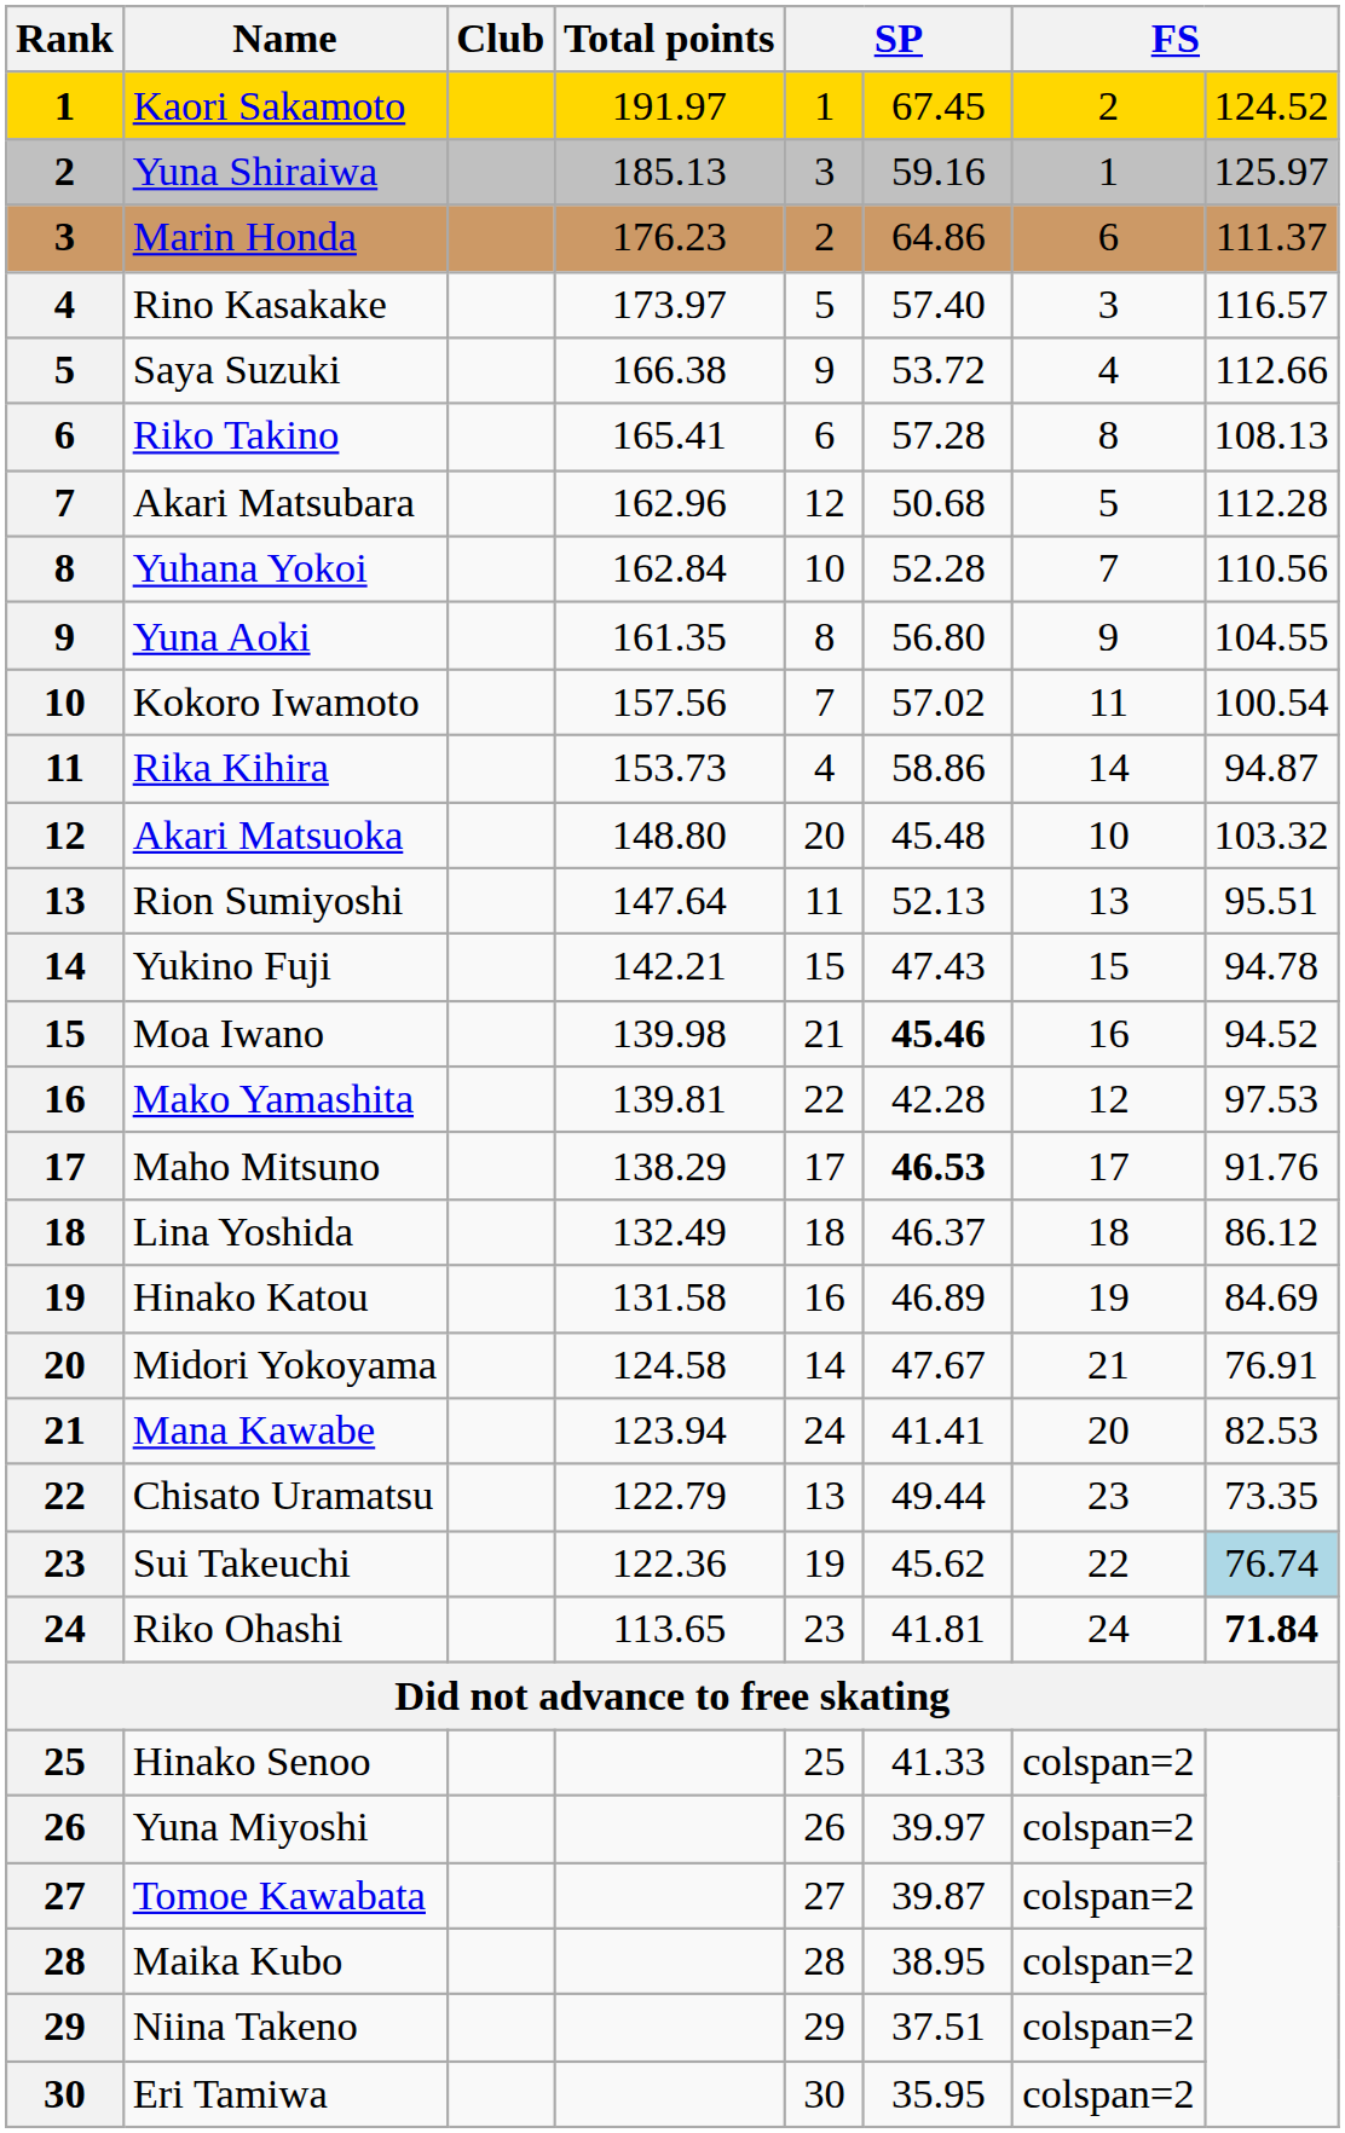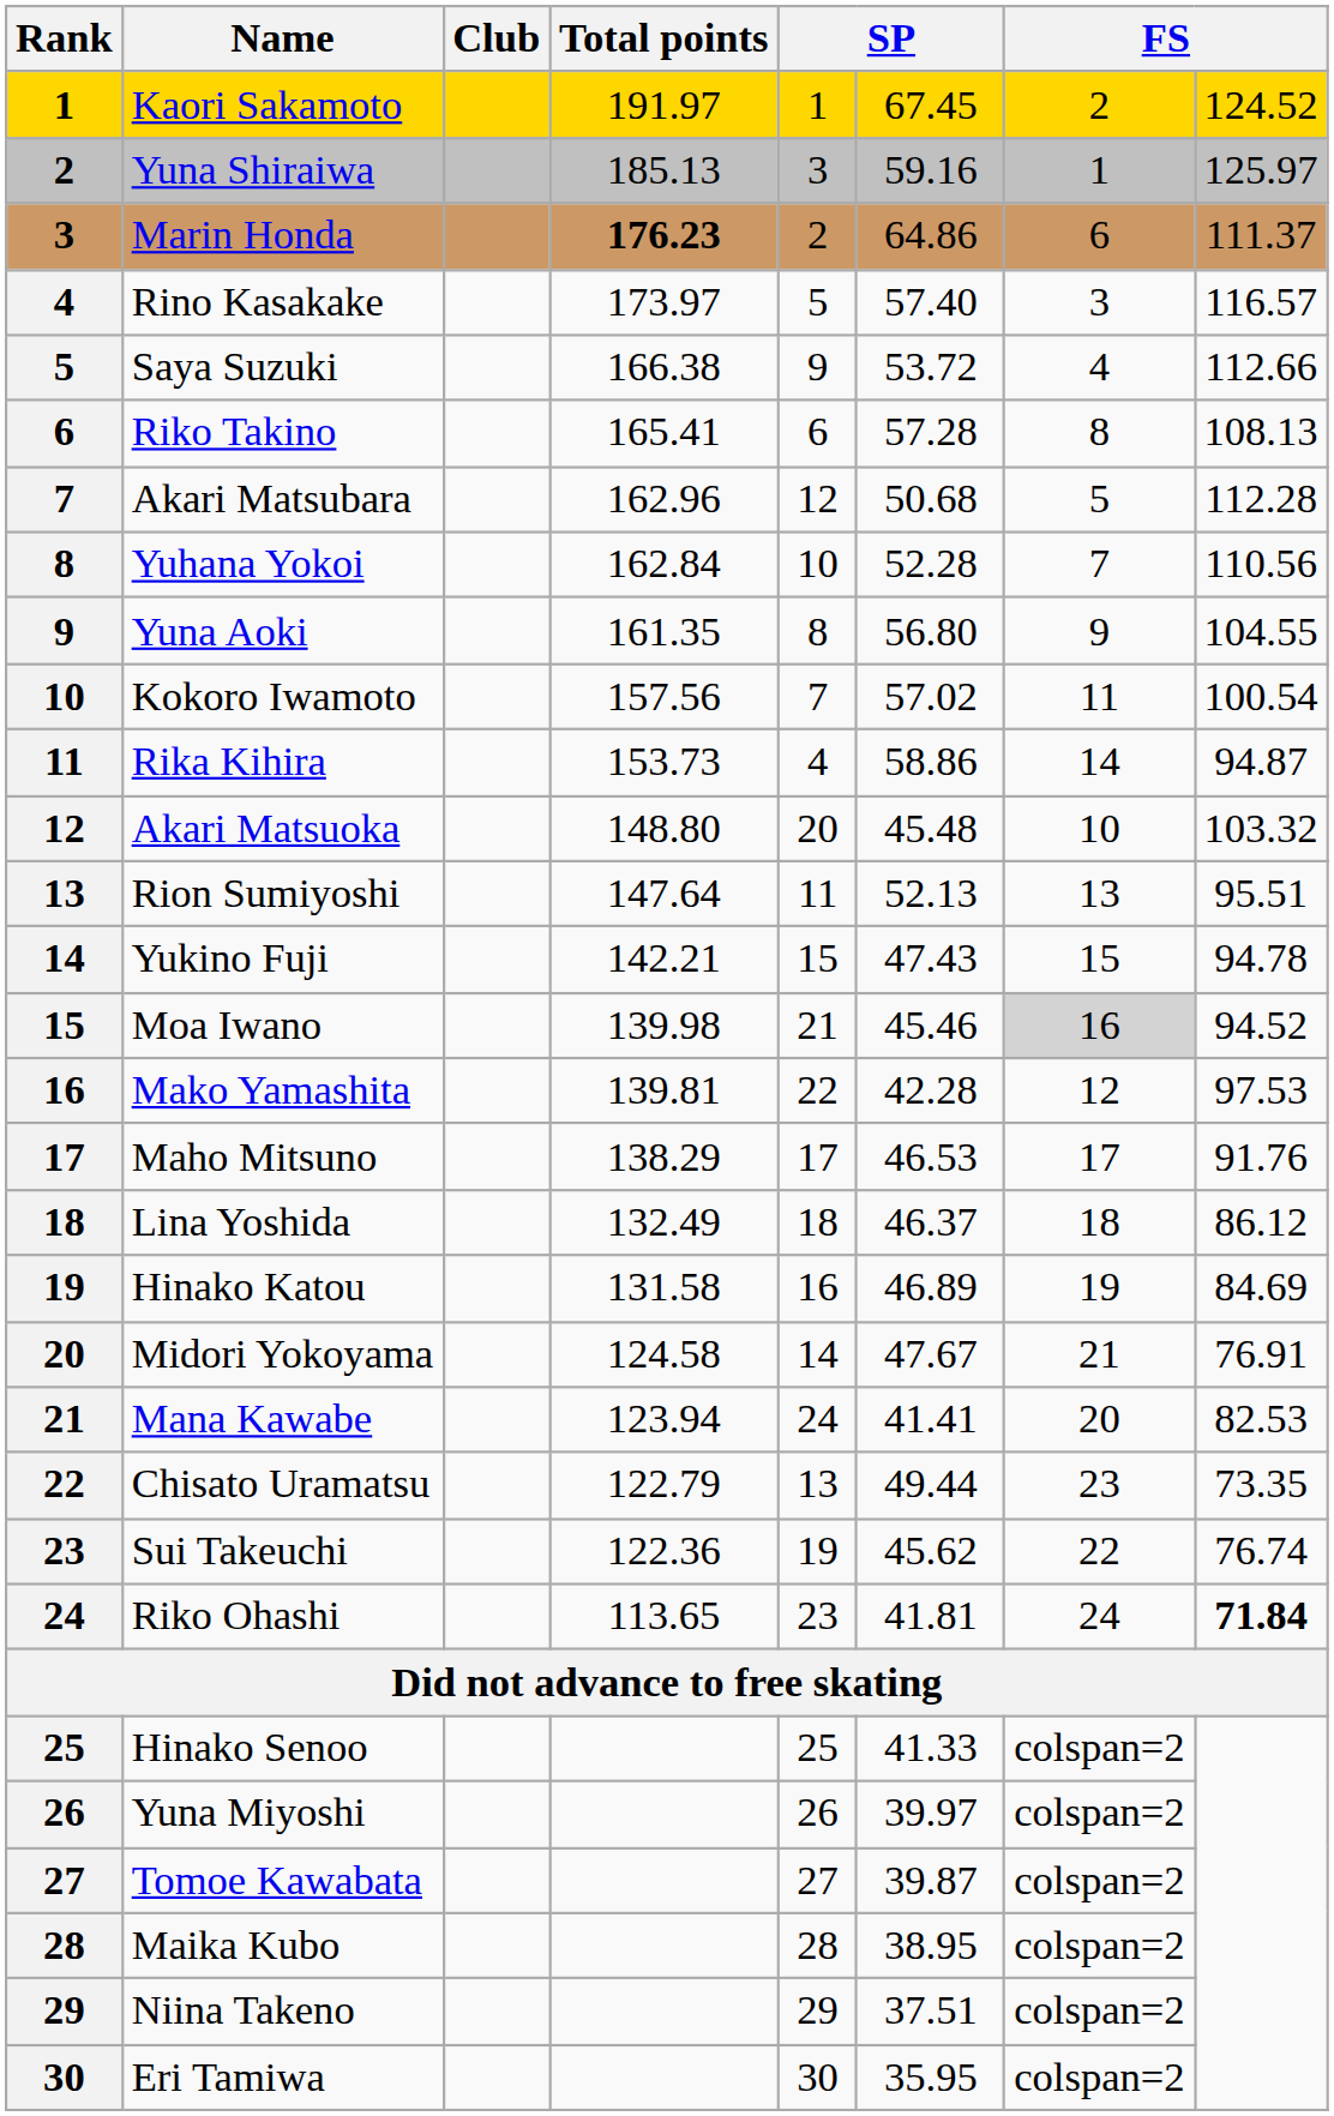 <table class="wikitable sortable">
 <tr>
 <th>Rank</th>
 <th>Name</th>
 <th>Club</th>
 <th>Total points</th>
 <th colspan="2" width="80px"><a href='#'>SP</a></th>
 <th colspan="2" width="80px"><a href='#'>FS</a></th>
 </tr>
 <tr bgcolor="gold">
 <td align="center"><strong>1</strong></td>
 <td><a href='#'>Kaori Sakamoto</a></td>
 <td></td>
 <td align="center">191.97</td>
 <td align="center">1</td>
 <td align="center">67.45</td>
 <td align="center">2</td>
 <td align="center">124.52</td>
 </tr>
 <tr bgcolor="silver">
 <td align="center"><strong>2</strong></td>
 <td><a href='#'>Yuna Shiraiwa</a></td>
 <td></td>
 <td align="center">185.13</td>
 <td align="center">3</td>
 <td align="center">59.16</td>
 <td align="center">1</td>
 <td align="center">125.97</td>
 </tr>
 <tr bgcolor="cc9966">
 <td align="center"><strong>3</strong></td>
 <td><a href='#'>Marin Honda</a></td>
 <td></td>
-<td align="center">176.23</td>
+<td align="center"><strong>176.23</strong></td>
 <td align="center">2</td>
 <td align="center">64.86</td>
 <td align="center">6</td>
 <td align="center">111.37</td>
 </tr>
 <tr>
 <th>4</th>
 <td>Rino Kasakake</td>
 <td></td>
 <td align="center">173.97</td>
 <td align="center">5</td>
 <td align="center">57.40</td>
 <td align="center">3</td>
 <td align="center">116.57</td>
 </tr>
 <tr>
 <th>5</th>
 <td>Saya Suzuki</td>
 <td></td>
 <td align="center">166.38</td>
 <td align="center">9</td>
 <td align="center">53.72</td>
 <td align="center">4</td>
 <td align="center">112.66</td>
 </tr>
 <tr>
 <th>6</th>
 <td><a href='#'>Riko Takino</a></td>
 <td></td>
 <td align="center">165.41</td>
 <td align="center">6</td>
 <td align="center">57.28</td>
 <td align="center">8</td>
 <td align="center">108.13</td>
 </tr>
 <tr>
 <th>7</th>
 <td>Akari Matsubara</td>
 <td></td>
 <td align="center">162.96</td>
 <td align="center">12</td>
 <td align="center">50.68</td>
 <td align="center">5</td>
 <td align="center">112.28</td>
 </tr>
 <tr>
 <th>8</th>
 <td><a href='#'>Yuhana Yokoi</a></td>
 <td></td>
 <td align="center">162.84</td>
 <td align="center">10</td>
 <td align="center">52.28</td>
 <td align="center">7</td>
 <td align="center">110.56</td>
 </tr>
 <tr>
 <th>9</th>
 <td><a href='#'>Yuna Aoki</a></td>
 <td></td>
 <td align="center">161.35</td>
 <td align="center">8</td>
 <td align="center">56.80</td>
 <td align="center">9</td>
 <td align="center">104.55</td>
 </tr>
 <tr>
 <th>10</th>
 <td>Kokoro Iwamoto</td>
 <td></td>
 <td align="center">157.56</td>
 <td align="center">7</td>
 <td align="center">57.02</td>
 <td align="center">11</td>
 <td align="center">100.54</td>
 </tr>
 <tr>
 <th>11</th>
 <td><a href='#'>Rika Kihira</a></td>
 <td></td>
 <td align="center">153.73</td>
 <td align="center">4</td>
 <td align="center">58.86</td>
 <td align="center">14</td>
 <td align="center">94.87</td>
 </tr>
 <tr>
 <th>12</th>
 <td><a href='#'>Akari Matsuoka</a></td>
 <td></td>
 <td align="center">148.80</td>
 <td align="center">20</td>
 <td align="center">45.48</td>
 <td align="center">10</td>
 <td align="center">103.32</td>
 </tr>
 <tr>
 <th>13</th>
 <td>Rion Sumiyoshi</td>
 <td></td>
 <td align="center">147.64</td>
 <td align="center">11</td>
 <td align="center">52.13</td>
 <td align="center">13</td>
 <td align="center">95.51</td>
 </tr>
 <tr>
 <th>14</th>
 <td>Yukino Fuji</td>
 <td></td>
 <td align="center">142.21</td>
 <td align="center">15</td>
 <td align="center">47.43</td>
 <td align="center">15</td>
 <td align="center">94.78</td>
 </tr>
 <tr>
 <th>15</th>
 <td>Moa Iwano</td>
 <td></td>
 <td align="center">139.98</td>
 <td align="center">21</td>
-<td align="center"><strong>45.46</strong></td>
-<td align="center">16</td>
+<td align="center">45.46</td>
+<td align="center" style="background: lightgrey;">16</td>
 <td align="center">94.52</td>
 </tr>
 <tr>
 <th>16</th>
 <td><a href='#'>Mako Yamashita</a></td>
 <td></td>
 <td align="center">139.81</td>
 <td align="center">22</td>
 <td align="center">42.28</td>
 <td align="center">12</td>
 <td align="center">97.53</td>
 </tr>
 <tr>
 <th>17</th>
 <td>Maho Mitsuno</td>
 <td></td>
 <td align="center">138.29</td>
 <td align="center">17</td>
-<td align="center"><strong>46.53</strong></td>
+<td align="center">46.53</td>
 <td align="center">17</td>
 <td align="center">91.76</td>
 </tr>
 <tr>
 <th>18</th>
 <td>Lina Yoshida</td>
 <td></td>
 <td align="center">132.49</td>
 <td align="center">18</td>
 <td align="center">46.37</td>
 <td align="center">18</td>
 <td align="center">86.12</td>
 </tr>
 <tr>
 <th>19</th>
 <td>Hinako Katou</td>
 <td></td>
 <td align="center">131.58</td>
 <td align="center">16</td>
 <td align="center">46.89</td>
 <td align="center">19</td>
 <td align="center">84.69</td>
 </tr>
 <tr>
 <th>20</th>
 <td>Midori Yokoyama</td>
 <td></td>
 <td align="center">124.58</td>
 <td align="center">14</td>
 <td align="center">47.67</td>
 <td align="center">21</td>
 <td align="center">76.91</td>
 </tr>
 <tr>
 <th>21</th>
 <td><a href='#'>Mana Kawabe</a></td>
 <td></td>
 <td align="center">123.94</td>
 <td align="center">24</td>
 <td align="center">41.41</td>
 <td align="center">20</td>
 <td align="center">82.53</td>
 </tr>
 <tr>
 <th>22</th>
 <td>Chisato Uramatsu</td>
 <td></td>
 <td align="center">122.79</td>
 <td align="center">13</td>
 <td align="center">49.44</td>
 <td align="center">23</td>
 <td align="center">73.35</td>
 </tr>
 <tr>
 <th>23</th>
 <td>Sui Takeuchi</td>
 <td></td>
 <td align="center">122.36</td>
 <td align="center">19</td>
 <td align="center">45.62</td>
 <td align="center">22</td>
-<td align="center" style="background: lightblue;">76.74</td>
+<td align="center">76.74</td>
 </tr>
 <tr>
 <th>24</th>
 <td>Riko Ohashi</td>
 <td></td>
 <td align="center">113.65</td>
 <td align="center">23</td>
 <td align="center">41.81</td>
 <td align="center">24</td>
 <td align="center"><strong>71.84</strong></td>
 </tr>
 <tr>
 <th colspan=8>Did not advance to free skating</th>
 </tr>
 <tr>
 <th>25</th>
 <td>Hinako Senoo</td>
 <td></td>
 <td></td>
 <td align="center">25</td>
 <td align="center">41.33</td>
 <td>colspan=2 </td>
 </tr>
 <tr>
 <th>26</th>
 <td>Yuna Miyoshi</td>
 <td></td>
 <td></td>
 <td align="center">26</td>
 <td align="center">39.97</td>
 <td>colspan=2 </td>
 </tr>
 <tr>
 <th>27</th>
 <td><a href='#'>Tomoe Kawabata</a></td>
 <td></td>
 <td></td>
 <td align="center">27</td>
 <td align="center">39.87</td>
 <td>colspan=2 </td>
 </tr>
 <tr>
 <th>28</th>
 <td>Maika Kubo</td>
 <td></td>
 <td></td>
 <td align="center">28</td>
 <td align="center">38.95</td>
 <td>colspan=2 </td>
 </tr>
 <tr>
 <th>29</th>
 <td>Niina Takeno</td>
 <td></td>
 <td></td>
 <td align="center">29</td>
 <td align="center">37.51</td>
 <td>colspan=2 </td>
 </tr>
 <tr>
 <th>30</th>
 <td>Eri Tamiwa</td>
 <td></td>
 <td></td>
 <td align="center">30</td>
 <td align="center">35.95</td>
 <td>colspan=2 </td>
 </tr>
 </table>
